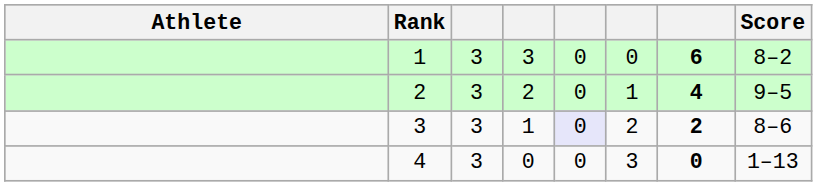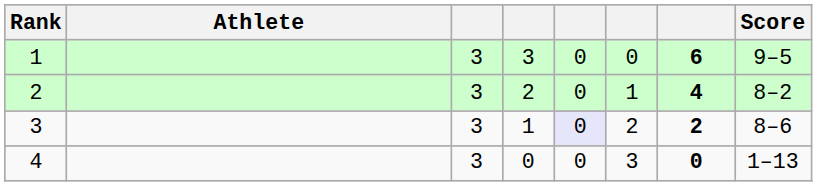 <table class="wikitable" style="text-align: center;">
 <tr>
+<th width=25>Rank</th>
 <th width=225>Athlete</th>
-<th width=25>Rank</th>
 <th width=25></th>
 <th width=25></th>
 <th width=25></th>
 <th width=25></th>
 <th width=40></th>
 <th width=40>Score</th>
 </tr>
 <tr bgcolor=ccffcc>
+<td>1</td>
 <td align=left></td>
-<td>1</td>
 <td>3</td>
 <td>3</td>
 <td>0</td>
 <td>0</td>
 <td><strong>6</strong></td>
-<td>8–2</td>
+<td>9–5</td>
 </tr>
 <tr bgcolor=ccffcc>
+<td>2</td>
 <td align=left></td>
-<td>2</td>
 <td>3</td>
 <td>2</td>
 <td>0</td>
 <td>1</td>
 <td><strong>4</strong></td>
-<td>9–5</td>
+<td>8–2</td>
 </tr>
 <tr>
+<td>3</td>
 <td align=left></td>
-<td>3</td>
 <td>3</td>
 <td>1</td>
 <td style="background: lavender;">0</td>
 <td>2</td>
 <td><strong>2</strong></td>
 <td>8–6</td>
 </tr>
 <tr>
+<td>4</td>
 <td align=left></td>
-<td>4</td>
 <td>3</td>
 <td>0</td>
 <td>0</td>
 <td>3</td>
 <td><strong>0</strong></td>
 <td>1–13</td>
 </tr>
 </table>
